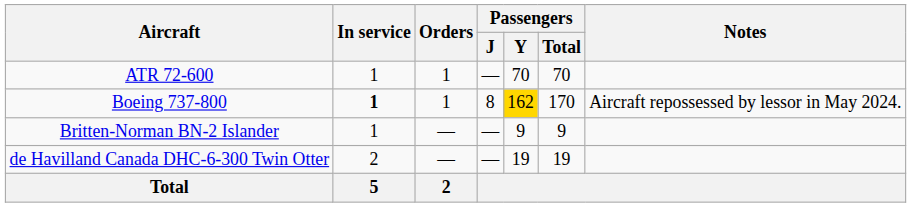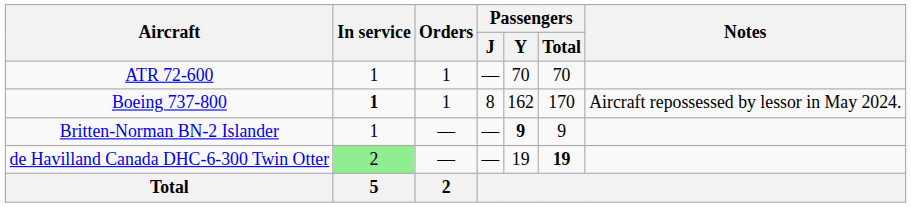 <table class="wikitable" style="margin:1em auto; text-align:center;">
 <tr>
 <th rowspan="2">Aircraft</th>
 <th rowspan="2">In service</th>
 <th rowspan="2">Orders</th>
 <th colspan="3">Passengers</th>
 <th rowspan="2">Notes</th>
 </tr>
 <tr>
 <th><abbr>J</abbr></th>
 <th><abbr>Y</abbr></th>
 <th>Total</th>
 </tr>
 <tr>
 <td><a href='#'>ATR 72-600</a></td>
 <td>1</td>
 <td>1</td>
 <td>—</td>
 <td>70</td>
 <td>70</td>
 <td></td>
 </tr>
 <tr>
 <td><a href='#'>Boeing 737-800</a></td>
 <td><strong>1</strong></td>
 <td>1</td>
 <td>8</td>
-<td style="background: gold;">162</td>
+<td>162</td>
 <td>170</td>
 <td>Aircraft repossessed by lessor in May 2024.</td>
 </tr>
 <tr>
 <td><a href='#'>Britten-Norman BN-2 Islander</a></td>
 <td>1</td>
 <td>—</td>
 <td>—</td>
-<td>9</td>
+<td><strong>9</strong></td>
 <td>9</td>
 <td></td>
 </tr>
 <tr>
 <td><a href='#'>de Havilland Canada DHC-6-300 Twin Otter</a></td>
-<td>2</td>
+<td style="background: lightgreen;">2</td>
 <td>—</td>
 <td>—</td>
 <td>19</td>
-<td>19</td>
+<td><strong>19</strong></td>
 <td></td>
 </tr>
 <tr>
 <th>Total</th>
 <th>5</th>
 <th>2</th>
 <th colspan=4></th>
 </tr>
 </table>
